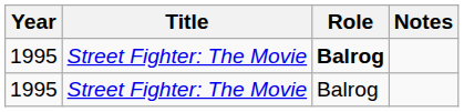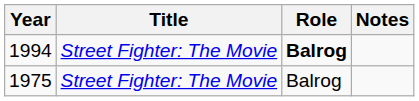 <table class="wikitable">
 <tr>
 <th>Year</th>
 <th>Title</th>
 <th>Role</th>
 <th>Notes</th>
 </tr>
 <tr>
-<td>1995</td>
+<td>1994</td>
 <td><em><a href='#'>Street Fighter: The Movie</a></em></td>
 <td><strong>Balrog</strong></td>
 <td></td>
 </tr>
 <tr>
-<td>1995</td>
+<td>1975</td>
 <td><em><a href='#'>Street Fighter: The Movie</a></em></td>
 <td>Balrog</td>
 <td></td>
 </tr>
 </table>
